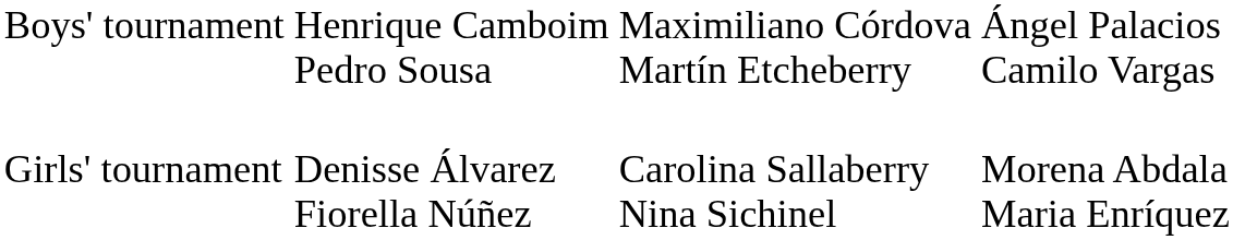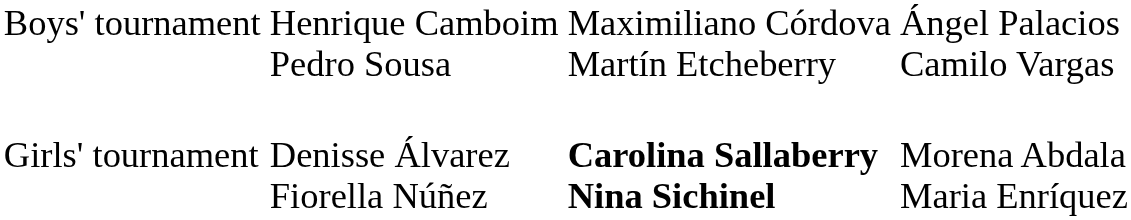 <table>
 <tr>
 <td>Boys' tournament <br></td>
 <td><br>Henrique Camboim<br>Pedro Sousa</td>
 <td><br>Maximiliano Córdova<br>Martín Etcheberry</td>
 <td><br>Ángel Palacios<br>Camilo Vargas</td>
 </tr>
 <tr>
 <td>Girls' tournament<br></td>
 <td><br>Denisse Álvarez<br>Fiorella Núñez</td>
-<td><br>Carolina Sallaberry<br>Nina Sichinel</td>
+<td><strong><br>Carolina Sallaberry<br>Nina Sichinel</strong></td>
 <td><br>Morena Abdala<br>Maria Enríquez</td>
 </tr>
 </table>
